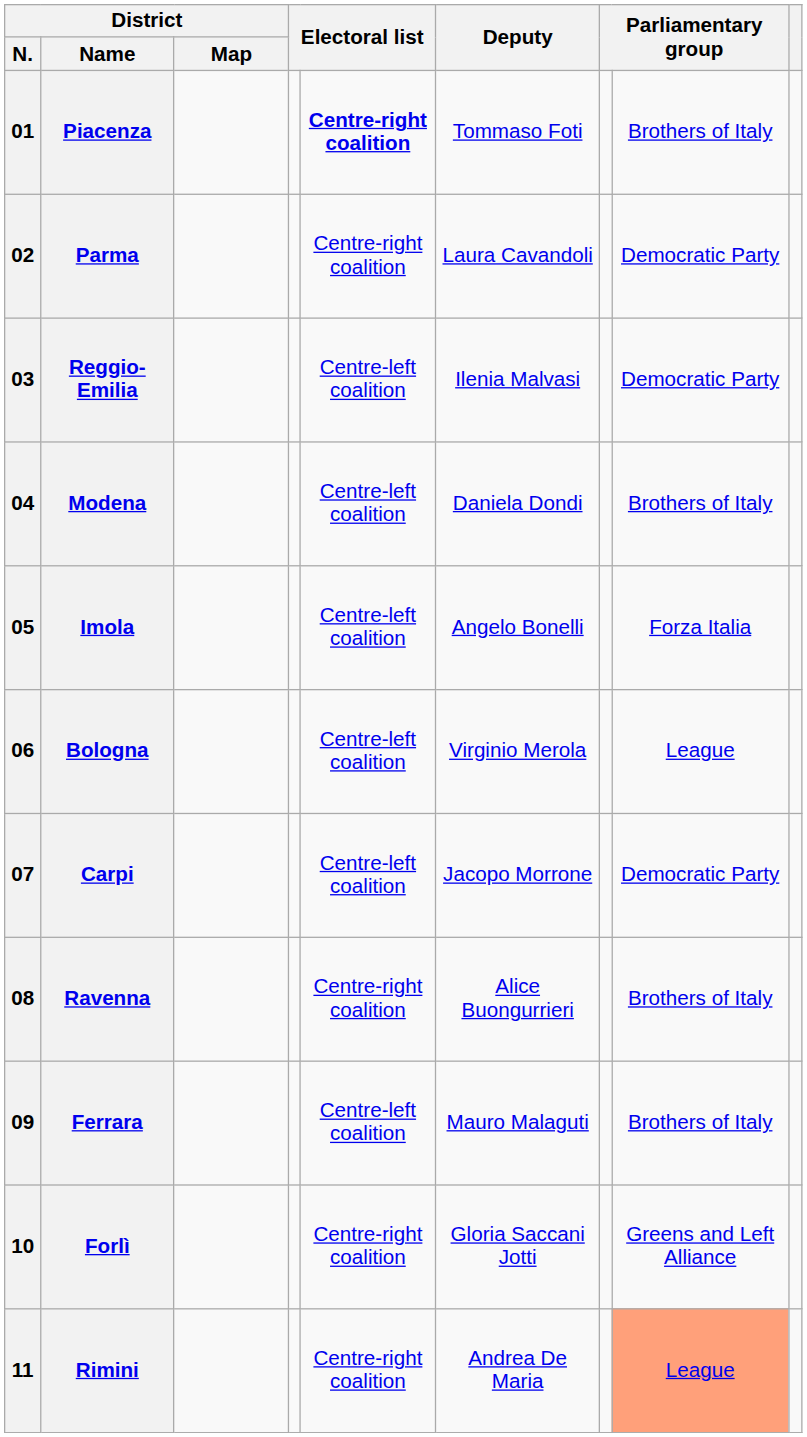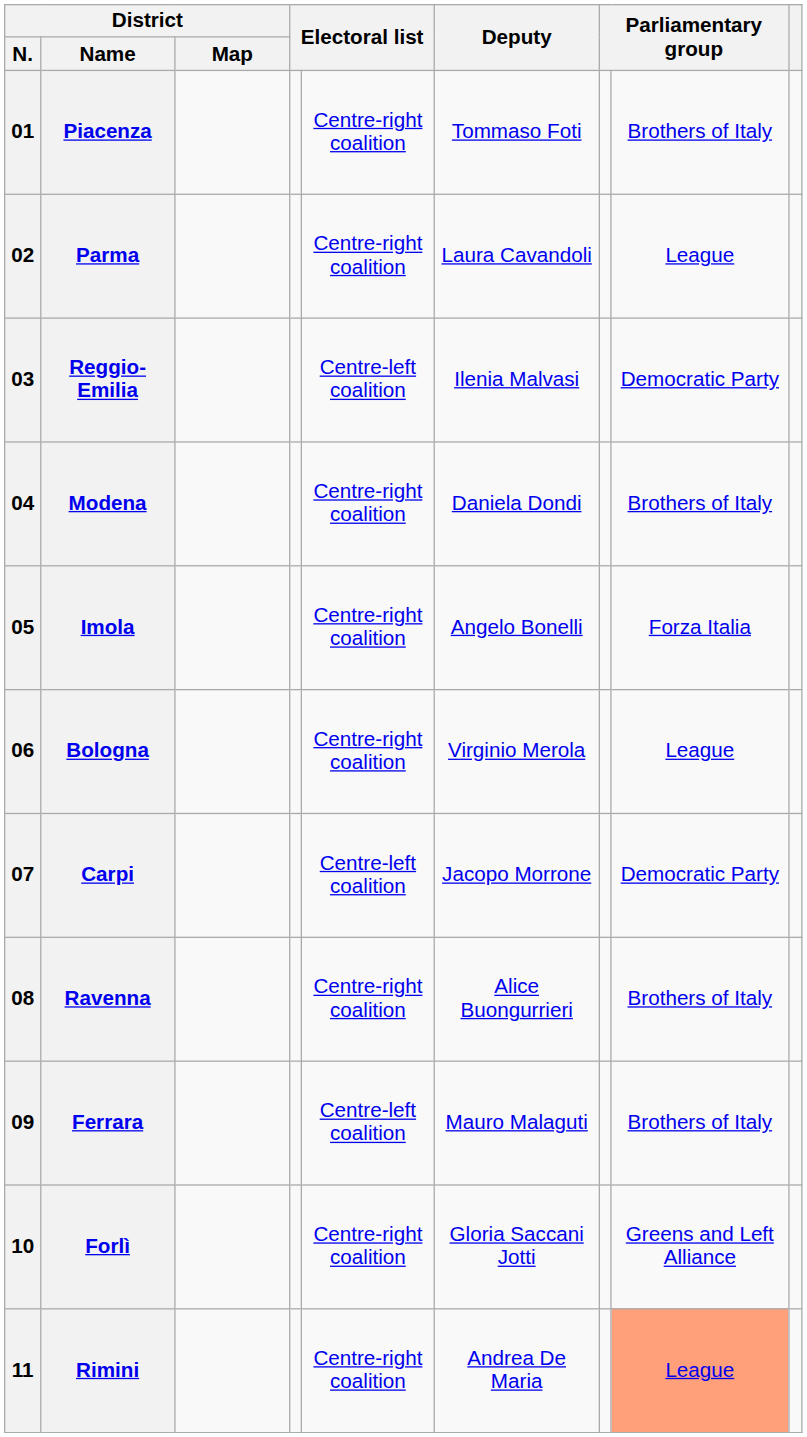 <table class="wikitable" style="text-align:center; style="width=70%">
 <tr>
 <th width=20% colspan="3">District</th>
 <th width=12% colspan="2" rowspan="2">Electoral list</th>
 <th width=12% rowspan="2">Deputy</th>
 <th width=12% colspan="2" rowspan="2">Parliamentary group</th>
 <th width=1% rowspan="2"></th>
 </tr>
 <tr>
 <th width=1%>N.</th>
 <th width=10%>Name</th>
 <th width=10%>Map</th>
 </tr>
 <tr style="height:6em;">
 <th>01</th>
 <th><a href='#'>Piacenza</a></th>
 <td></td>
 <td style="background:"></td>
-<td><strong><a href='#'>Centre-right coalition</a></strong></td>
+<td><a href='#'>Centre-right coalition</a></td>
 <td><a href='#'>Tommaso Foti</a></td>
 <td style="background:"></td>
 <td><a href='#'>Brothers of Italy</a></td>
 <td></td>
 </tr>
 <tr style="height:6em;">
 <th>02</th>
 <th><a href='#'>Parma</a></th>
 <td></td>
 <td style="background:"></td>
 <td><a href='#'>Centre-right coalition</a></td>
 <td><a href='#'>Laura Cavandoli</a></td>
 <td style="background:"></td>
-<td><a href='#'>Democratic Party</a></td>
+<td><a href='#'>League</a></td>
 <td></td>
 </tr>
 <tr style="height:6em;">
 <th>03</th>
 <th><a href='#'>Reggio-Emilia</a></th>
 <td></td>
 <td style="background:"></td>
 <td><a href='#'>Centre-left coalition</a></td>
 <td><a href='#'>Ilenia Malvasi</a></td>
 <td style="background:"></td>
 <td><a href='#'>Democratic Party</a></td>
 <td></td>
 </tr>
 <tr style="height:6em;">
 <th>04</th>
 <th><a href='#'>Modena</a></th>
 <td></td>
 <td style="background:"></td>
-<td><a href='#'>Centre-left coalition</a></td>
+<td><a href='#'>Centre-right coalition</a></td>
 <td><a href='#'>Daniela Dondi</a></td>
 <td style="background:"></td>
 <td><a href='#'>Brothers of Italy</a></td>
 <td></td>
 </tr>
 <tr style="height:6em;">
 <th>05</th>
 <th><a href='#'>Imola</a></th>
 <td></td>
 <td style="background:"></td>
-<td><a href='#'>Centre-left coalition</a></td>
+<td><a href='#'>Centre-right coalition</a></td>
 <td><a href='#'>Angelo Bonelli</a></td>
 <td style="background:"></td>
 <td><a href='#'>Forza Italia</a></td>
 <td></td>
 </tr>
 <tr style="height:6em;">
 <th>06</th>
 <th><a href='#'>Bologna</a></th>
 <td></td>
 <td style="background:"></td>
-<td><a href='#'>Centre-left coalition</a></td>
+<td><a href='#'>Centre-right coalition</a></td>
 <td><a href='#'>Virginio Merola</a></td>
 <td style="background:"></td>
 <td><a href='#'>League</a></td>
 <td></td>
 </tr>
 <tr style="height:6em;">
 <th>07</th>
 <th><a href='#'>Carpi</a></th>
 <td></td>
 <td style="background:"></td>
 <td><a href='#'>Centre-left coalition</a></td>
 <td><a href='#'>Jacopo Morrone</a></td>
 <td style="background:"></td>
 <td><a href='#'>Democratic Party</a></td>
 <td></td>
 </tr>
 <tr style="height:6em;">
 <th>08</th>
 <th><a href='#'>Ravenna</a></th>
 <td></td>
 <td style="background:"></td>
 <td><a href='#'>Centre-right coalition</a></td>
 <td><a href='#'>Alice Buongurrieri</a></td>
 <td style="background:"></td>
 <td><a href='#'>Brothers of Italy</a></td>
 <td></td>
 </tr>
 <tr style="height:6em;">
 <th>09</th>
 <th><a href='#'>Ferrara</a></th>
 <td></td>
 <td style="background:"></td>
 <td><a href='#'>Centre-left coalition</a></td>
 <td><a href='#'>Mauro Malaguti</a></td>
 <td style="background:"></td>
 <td><a href='#'>Brothers of Italy</a></td>
 <td></td>
 </tr>
 <tr style="height:6em;">
 <th>10</th>
 <th><a href='#'>Forlì</a></th>
 <td></td>
 <td style="background:"></td>
 <td><a href='#'>Centre-right coalition</a></td>
 <td><a href='#'>Gloria Saccani Jotti</a></td>
 <td style="background:"></td>
 <td><a href='#'>Greens and Left Alliance</a></td>
 <td></td>
 </tr>
 <tr style="height:6em;">
 <th>11</th>
 <th><a href='#'>Rimini</a></th>
 <td></td>
 <td style="background:"></td>
 <td><a href='#'>Centre-right coalition</a></td>
 <td><a href='#'>Andrea De Maria</a></td>
 <td style="background:"></td>
 <td style="background: lightsalmon;"><a href='#'>League</a></td>
 <td></td>
 </tr>
 </table>
